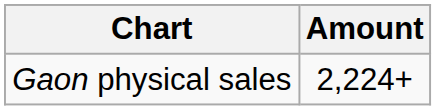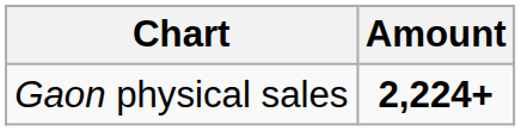 <table class="wikitable">
 <tr>
 <th>Chart</th>
 <th>Amount</th>
 </tr>
 <tr>
 <td><em>Gaon</em> physical sales</td>
-<td align="center">2,224+</td>
+<td align="center"><strong>2,224+</strong></td>
 </tr>
 </table>
